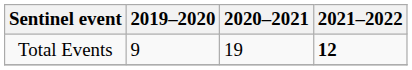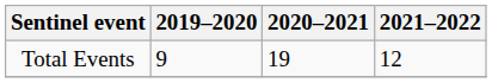 <table class="wikitable sortable">
 <tr>
 <th>Sentinel event</th>
 <th>2019–2020</th>
 <th>2020–2021</th>
 <th>2021–2022</th>
 </tr>
 <tr>
 <td align=center>Total Events</td>
 <td>9</td>
 <td>19</td>
-<td><strong>12</strong></td>
+<td>12</td>
 </tr>
 <tr>
 </tr>
 </table>
